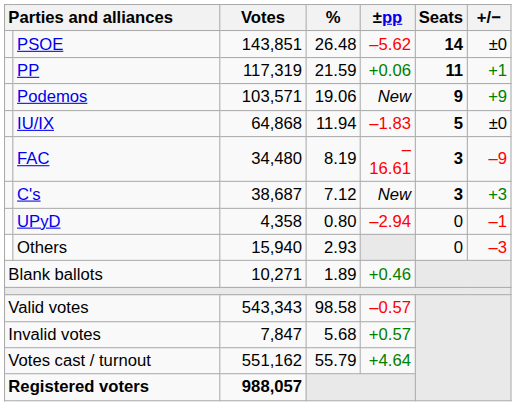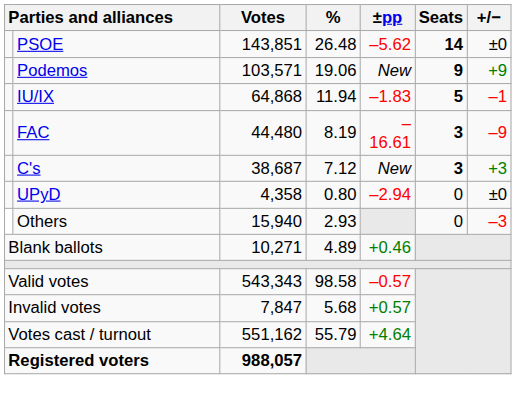 <table class="wikitable" style="text-align:right;">
 <tr>
 <th style="text-align:left;" colspan="2" width="200">Parties and alliances</th>
 <th width="75">Votes</th>
 <th width="45">%</th>
 <th width="45">±<a href='#'>pp</a></th>
 <th width="35">Seats</th>
 <th width="35">+/−</th>
 </tr>
 <tr>
 <td width="1" style="color:inherit;background:"></td>
 <td align="left"><a href='#'>PSOE</a></td>
 <td>143,851</td>
 <td>26.48</td>
 <td style="color:red;">–5.62</td>
 <td><strong>14</strong></td>
 <td>±0</td>
 </tr>
 <tr>
 <td style="color:inherit;background:"></td>
-<td align="left"><a href='#'>PP</a></td>
-<td>117,319</td>
-<td>21.59</td>
-<td style="color:green;">+0.06</td>
-<td><strong>11</strong></td>
-<td style="color:green;">+1</td>
-</tr>
-<tr>
-<td style="color:inherit;background:"></td>
 <td align="left"><a href='#'>Podemos</a></td>
 <td>103,571</td>
 <td>19.06</td>
 <td><em>New</em></td>
 <td><strong>9</strong></td>
 <td style="color:green;">+9</td>
 </tr>
 <tr>
 <td style="color:inherit;background:"></td>
 <td align="left"><a href='#'>IU/IX</a></td>
 <td>64,868</td>
 <td>11.94</td>
 <td style="color:red;">–1.83</td>
 <td><strong>5</strong></td>
-<td>±0</td>
+<td style="color:red;">–1</td>
 </tr>
 <tr>
 <td style="color:inherit;background:"></td>
 <td align="left"><a href='#'>FAC</a></td>
-<td>34,480</td>
+<td>44,480</td>
 <td>8.19</td>
 <td style="color:red;">–16.61</td>
 <td><strong>3</strong></td>
 <td style="color:red;">–9</td>
 </tr>
 <tr>
 <td style="color:inherit;background:"></td>
 <td align="left"><a href='#'>C's</a></td>
 <td>38,687</td>
 <td>7.12</td>
 <td><em>New</em></td>
 <td><strong>3</strong></td>
 <td style="color:green;">+3</td>
 </tr>
 <tr>
 <td style="color:inherit;background:"></td>
 <td align="left"><a href='#'>UPyD</a></td>
 <td>4,358</td>
 <td>0.80</td>
 <td style="color:red;">–2.94</td>
 <td>0</td>
-<td style="color:red;">–1</td>
+<td>±0</td>
 </tr>
 <tr>
 <td bgcolor="white"></td>
 <td align="left">Others</td>
 <td>15,940</td>
 <td>2.93</td>
 <td bgcolor="#E9E9E9"></td>
 <td>0</td>
 <td style="color:red;">–3</td>
 </tr>
 <tr>
 <td align="left" colspan="2">Blank ballots</td>
 <td>10,271</td>
-<td>1.89</td>
+<td>4.89</td>
 <td style="color:green;">+0.46</td>
 <td bgcolor="#E9E9E9" colspan="2"></td>
 </tr>
 <tr>
 <td colspan="7" bgcolor="#E9E9E9"></td>
 </tr>
 <tr>
 <td align="left" colspan="2">Valid votes</td>
 <td>543,343</td>
 <td>98.58</td>
 <td style="color:red;">–0.57</td>
 <td bgcolor="#E9E9E9" colspan="2" rowspan="4"></td>
 </tr>
 <tr>
 <td align="left" colspan="2">Invalid votes</td>
 <td>7,847</td>
 <td>5.68</td>
 <td style="color:green;">+0.57</td>
 </tr>
 <tr>
 <td align="left" colspan="2">Votes cast / turnout</td>
 <td>551,162</td>
 <td>55.79</td>
 <td style="color:green;">+4.64</td>
 </tr>
 <tr style="font-weight:bold;">
 <td align="left" colspan="2">Registered voters</td>
 <td>988,057</td>
 <td bgcolor="#E9E9E9" colspan="2"></td>
 </tr>
 </table>
